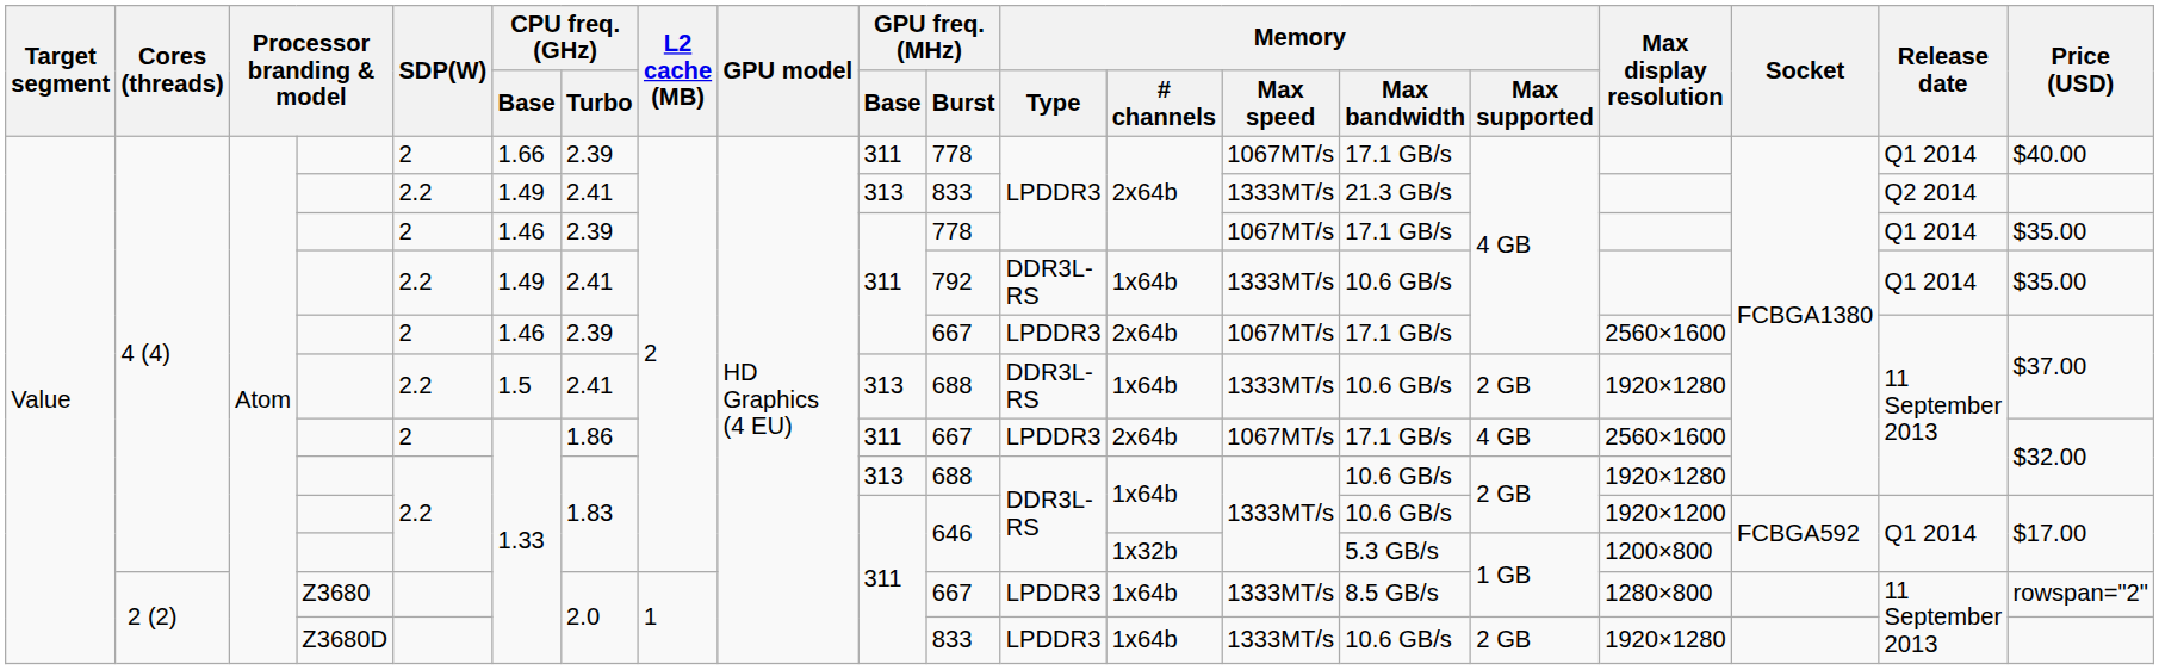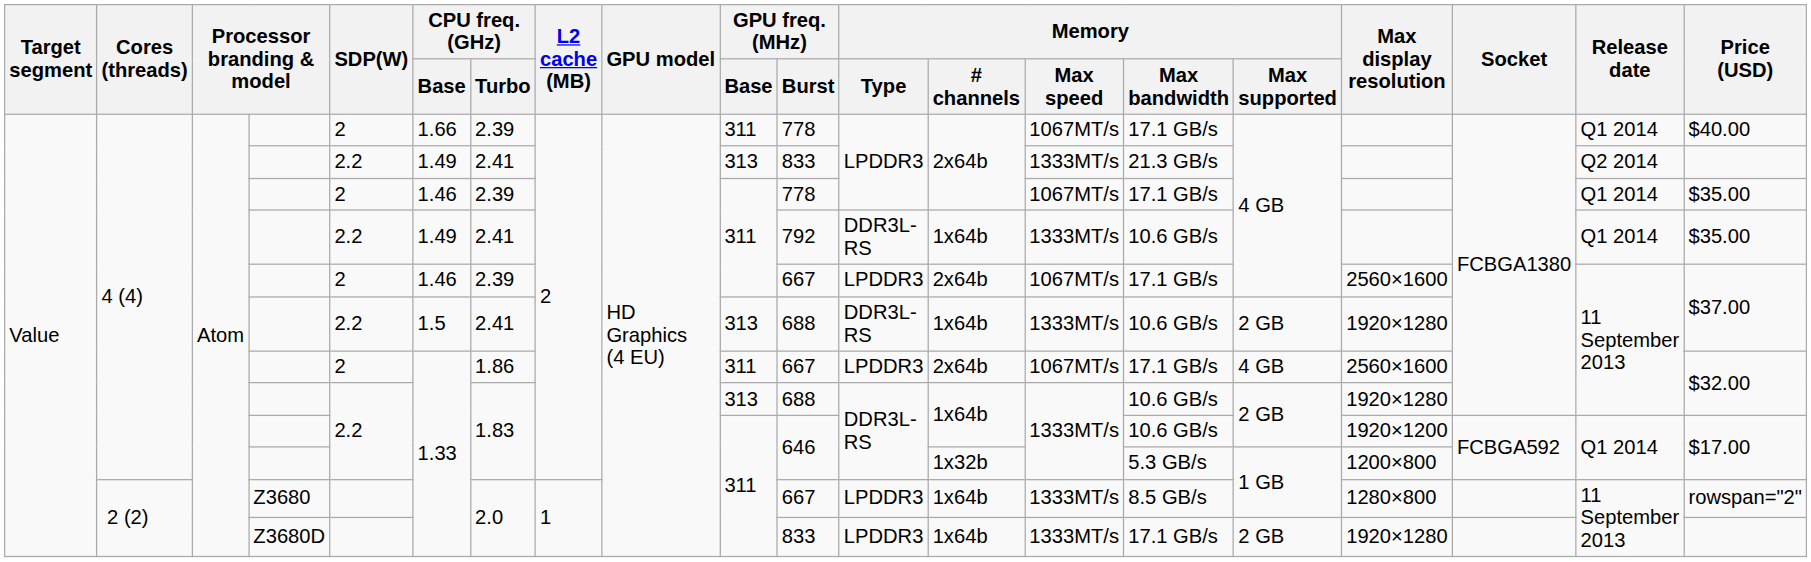 <table class="wikitable">
 <tr>
 <th rowspan=2>Target<br>segment</th>
 <th rowspan=2>Cores<br>(threads)</th>
 <th colspan=2 rowspan=2>Processor<br>branding & model</th>
 <th rowspan=2>SDP(W)</th>
 <th colspan=2>CPU freq.<br>(GHz)</th>
 <th rowspan=2><a href='#'>L2<br>cache</a><br>(MB)</th>
 <th rowspan=2>GPU model</th>
 <th colspan=2>GPU freq.<br>(MHz)</th>
 <th colspan=5>Memory</th>
 <th rowspan=2>Max display resolution</th>
 <th rowspan=2>Socket</th>
 <th rowspan=2>Release<br>date</th>
 <th rowspan=2>Price<br>(USD)</th>
 </tr>
 <tr>
 <th>Base</th>
 <th>Turbo</th>
 <th>Base</th>
 <th>Burst</th>
 <th>Type</th>
 <th># channels</th>
 <th>Max speed</th>
 <th>Max bandwidth</th>
 <th>Max supported</th>
 </tr>
 <tr>
 <td rowspan="12">Value</td>
 <td rowspan="10">4 (4)</td>
 <td rowspan="12">Atom</td>
 <td></td>
 <td>2</td>
 <td>1.66</td>
 <td>2.39</td>
 <td rowspan="10">2</td>
 <td rowspan="12">HD Graphics (4 EU)</td>
 <td>311</td>
 <td>778</td>
 <td rowspan="3">LPDDR3</td>
 <td rowspan="3">2x64b</td>
 <td>1067MT/s</td>
 <td>17.1 GB/s</td>
 <td rowspan="5">4 GB</td>
 <td></td>
 <td rowspan="8">FCBGA1380</td>
 <td>Q1 2014</td>
 <td>$40.00</td>
 </tr>
 <tr>
 <td></td>
 <td>2.2</td>
 <td>1.49</td>
 <td>2.41</td>
 <td>313</td>
 <td>833</td>
 <td>1333MT/s</td>
 <td>21.3 GB/s</td>
 <td></td>
 <td rowspan="1">Q2 2014</td>
 <td rowspan="1"></td>
 </tr>
 <tr>
 <td></td>
 <td>2</td>
 <td>1.46</td>
 <td>2.39</td>
 <td rowspan="3">311</td>
 <td>778</td>
 <td>1067MT/s</td>
 <td>17.1 GB/s</td>
 <td></td>
 <td rowspan="1">Q1 2014</td>
 <td rowspan="1">$35.00</td>
 </tr>
 <tr>
 <td></td>
 <td>2.2</td>
 <td>1.49</td>
 <td>2.41</td>
 <td>792</td>
 <td>DDR3L-RS</td>
 <td>1x64b</td>
 <td>1333MT/s</td>
 <td>10.6 GB/s</td>
 <td></td>
 <td rowspan="1">Q1 2014</td>
 <td rowspan="1">$35.00</td>
 </tr>
 <tr>
 <td></td>
 <td>2</td>
 <td>1.46</td>
 <td>2.39</td>
 <td>667</td>
 <td>LPDDR3</td>
 <td>2x64b</td>
 <td>1067MT/s</td>
 <td>17.1 GB/s</td>
 <td>2560×1600</td>
 <td rowspan="4">11 September 2013</td>
 <td rowspan="2">$37.00</td>
 </tr>
 <tr>
 <td></td>
 <td>2.2</td>
 <td>1.5</td>
 <td>2.41</td>
 <td>313</td>
 <td>688</td>
 <td>DDR3L-RS</td>
 <td>1x64b</td>
 <td>1333MT/s</td>
 <td>10.6 GB/s</td>
 <td>2 GB</td>
 <td>1920×1280</td>
 </tr>
 <tr>
 <td></td>
 <td>2</td>
 <td rowspan="6">1.33</td>
 <td>1.86</td>
 <td>311</td>
 <td>667</td>
 <td>LPDDR3</td>
 <td>2x64b</td>
 <td>1067MT/s</td>
 <td>17.1 GB/s</td>
 <td>4 GB</td>
 <td>2560×1600</td>
 <td rowspan="2">$32.00</td>
 </tr>
 <tr>
 <td></td>
 <td rowspan="3">2.2</td>
 <td rowspan="3">1.83</td>
 <td>313</td>
 <td>688</td>
 <td rowspan="3">DDR3L-RS</td>
 <td rowspan="2">1x64b</td>
 <td rowspan="3">1333MT/s</td>
 <td>10.6 GB/s</td>
 <td rowspan="2">2 GB</td>
 <td>1920×1280</td>
 </tr>
 <tr>
 <td></td>
 <td rowspan="4">311</td>
 <td rowspan="2">646</td>
 <td>10.6 GB/s</td>
 <td>1920×1200</td>
 <td rowspan="2">FCBGA592</td>
 <td rowspan="2">Q1 2014</td>
 <td rowspan="2">$17.00</td>
 </tr>
 <tr>
 <td></td>
 <td>1x32b</td>
 <td>5.3 GB/s</td>
 <td rowspan="2">1 GB</td>
 <td>1200×800</td>
 </tr>
 <tr>
 <td rowspan="2"> 2 (2)</td>
 <td>Z3680</td>
 <td></td>
 <td rowspan="2">2.0</td>
 <td rowspan="2">1</td>
 <td>667</td>
 <td>LPDDR3</td>
 <td>1x64b</td>
 <td>1333MT/s</td>
 <td>8.5 GB/s</td>
 <td>1280×800</td>
 <td></td>
 <td rowspan="2">11 September 2013</td>
 <td>rowspan="2" </td>
 </tr>
 <tr>
 <td>Z3680D</td>
 <td></td>
 <td>833</td>
 <td>LPDDR3</td>
 <td>1x64b</td>
 <td>1333MT/s</td>
-<td>10.6 GB/s</td>
+<td>17.1 GB/s</td>
 <td>2 GB</td>
 <td>1920×1280</td>
 <td></td>
 </tr>
 </table>
